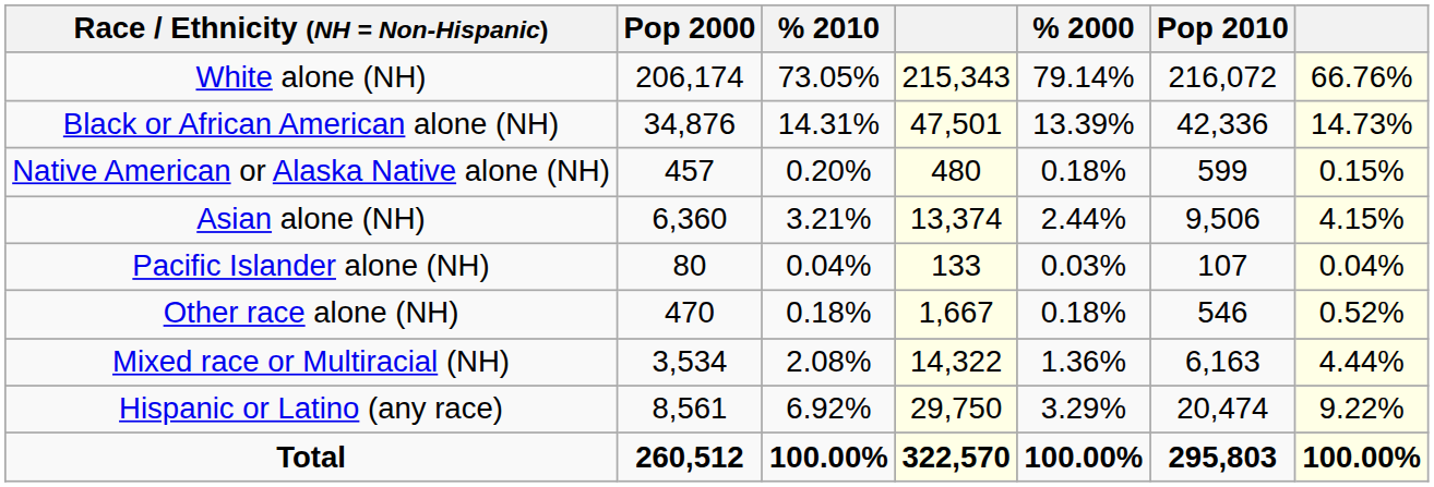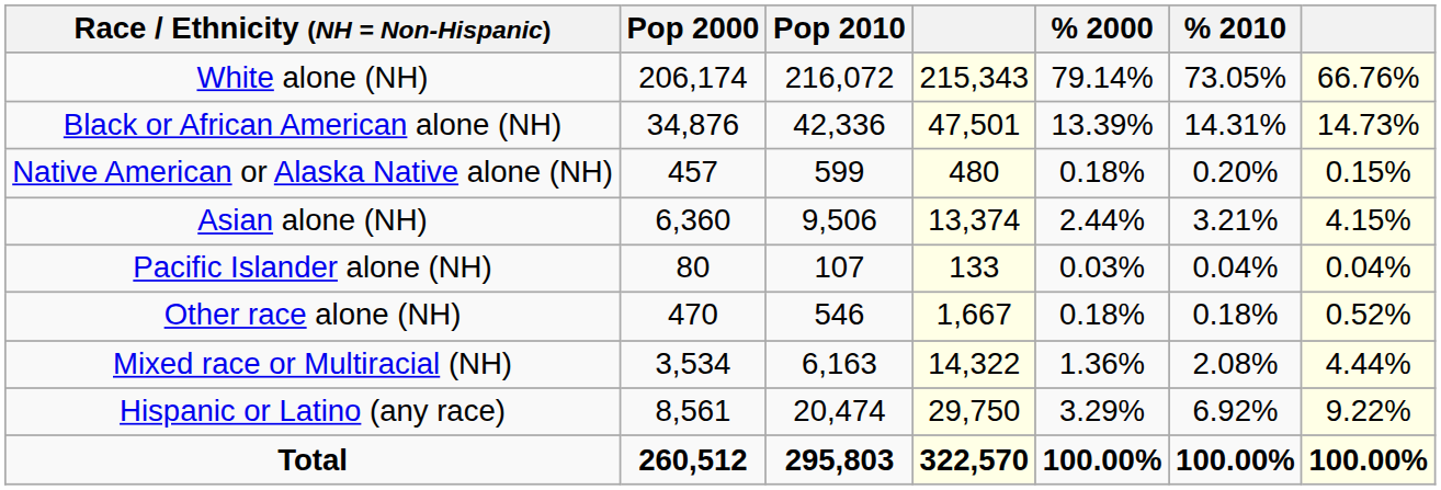 <table class="wikitable" style="text-align:center;">
 <tr>
 <th>Race / Ethnicity <small>(<em>NH = Non-Hispanic</em>)</small></th>
 <th>Pop 2000</th>
-<th>% 2010</th>
+<th>Pop 2010</th>
 <th></th>
 <th>% 2000</th>
-<th>Pop 2010</th>
+<th>% 2010</th>
 <th></th>
 </tr>
 <tr>
 <td><a href='#'>White</a> alone (NH)</td>
 <td>206,174</td>
-<td>73.05%</td>
+<td>216,072</td>
 <td style='background: #ffffe6;'>215,343</td>
 <td>79.14%</td>
-<td>216,072</td>
+<td>73.05%</td>
 <td style='background: #ffffe6;'>66.76%</td>
 </tr>
 <tr>
 <td><a href='#'>Black or African American</a> alone (NH)</td>
 <td>34,876</td>
-<td>14.31%</td>
+<td>42,336</td>
 <td style='background: #ffffe6;'>47,501</td>
 <td>13.39%</td>
-<td>42,336</td>
+<td>14.31%</td>
 <td style='background: #ffffe6;'>14.73%</td>
 </tr>
 <tr>
 <td><a href='#'>Native American</a> or <a href='#'>Alaska Native</a> alone (NH)</td>
 <td>457</td>
-<td>0.20%</td>
+<td>599</td>
 <td style='background: #ffffe6;'>480</td>
 <td>0.18%</td>
-<td>599</td>
+<td>0.20%</td>
 <td style='background: #ffffe6;'>0.15%</td>
 </tr>
 <tr>
 <td><a href='#'>Asian</a> alone (NH)</td>
 <td>6,360</td>
-<td>3.21%</td>
+<td>9,506</td>
 <td style='background: #ffffe6;'>13,374</td>
 <td>2.44%</td>
-<td>9,506</td>
+<td>3.21%</td>
 <td style='background: #ffffe6;'>4.15%</td>
 </tr>
 <tr>
 <td><a href='#'>Pacific Islander</a> alone (NH)</td>
 <td>80</td>
-<td>0.04%</td>
+<td>107</td>
 <td style='background: #ffffe6;'>133</td>
 <td>0.03%</td>
-<td>107</td>
+<td>0.04%</td>
 <td style='background: #ffffe6;'>0.04%</td>
 </tr>
 <tr>
 <td><a href='#'>Other race</a> alone (NH)</td>
 <td>470</td>
-<td>0.18%</td>
+<td>546</td>
 <td style='background: #ffffe6;'>1,667</td>
 <td>0.18%</td>
-<td>546</td>
+<td>0.18%</td>
 <td style='background: #ffffe6;'>0.52%</td>
 </tr>
 <tr>
 <td><a href='#'>Mixed race or Multiracial</a> (NH)</td>
 <td>3,534</td>
-<td>2.08%</td>
+<td>6,163</td>
 <td style='background: #ffffe6;'>14,322</td>
 <td>1.36%</td>
-<td>6,163</td>
+<td>2.08%</td>
 <td style='background: #ffffe6;'>4.44%</td>
 </tr>
 <tr>
 <td><a href='#'>Hispanic or Latino</a> (any race)</td>
 <td>8,561</td>
-<td>6.92%</td>
+<td>20,474</td>
 <td style='background: #ffffe6;'>29,750</td>
 <td>3.29%</td>
-<td>20,474</td>
+<td>6.92%</td>
 <td style='background: #ffffe6;'>9.22%</td>
 </tr>
 <tr>
 <td><strong>Total</strong></td>
 <td><strong>260,512</strong></td>
-<td><strong>100.00%</strong></td>
+<td><strong>295,803</strong></td>
 <td style='background: #ffffe6;'><strong>322,570</strong></td>
 <td><strong>100.00%</strong></td>
-<td><strong>295,803</strong></td>
+<td><strong>100.00%</strong></td>
 <td style='background: #ffffe6;'><strong>100.00%</strong></td>
 </tr>
 </table>
